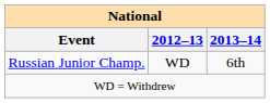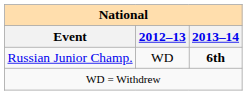 <table class="wikitable" style="text-align:center">
 <tr>
 <th style="background-color: #ffdead; " colspan=3 align=center>National</th>
 </tr>
 <tr>
 <th>Event</th>
 <th><a href='#'>2012–13</a></th>
 <th><a href='#'>2013–14</a></th>
 </tr>
 <tr>
 <td align=left><a href='#'>Russian Junior Champ.</a></td>
 <td>WD</td>
-<td>6th</td>
+<td><strong>6th</strong></td>
 </tr>
 <tr>
 <td colspan=3 align=center><small> WD = Withdrew </small></td>
 </tr>
 </table>
